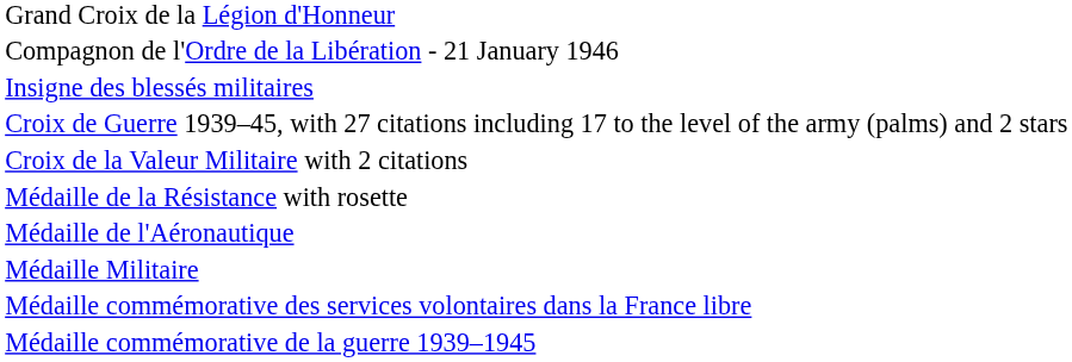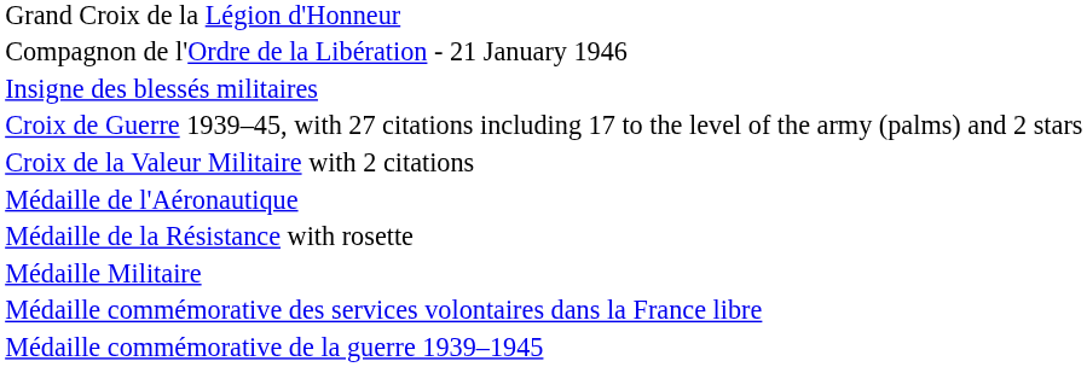 <table>
 <tr>
 <td> Grand Croix de la <a href='#'>Légion d'Honneur</a></td>
 </tr>
 <tr>
 <td> Compagnon de l'<a href='#'>Ordre de la Libération</a> - 21 January 1946</td>
 </tr>
 <tr>
 <td> <a href='#'>Insigne des blessés militaires</a></td>
 </tr>
 <tr>
 <td> <a href='#'>Croix de Guerre</a> 1939–45, with 27 citations including 17 to the level of the army (palms) and 2 stars</td>
 </tr>
 <tr>
 <td> <a href='#'>Croix de la Valeur Militaire</a> with 2 citations</td>
 </tr>
 <tr>
-<td> <a href='#'>Médaille de la Résistance</a> with rosette</td>
+<td> <a href='#'>Médaille de l'Aéronautique</a></td>
 </tr>
 <tr>
-<td> <a href='#'>Médaille de l'Aéronautique</a></td>
+<td> <a href='#'>Médaille de la Résistance</a> with rosette</td>
 </tr>
 <tr>
 <td> <a href='#'>Médaille Militaire</a></td>
 </tr>
 <tr>
 <td> <a href='#'>Médaille commémorative des services volontaires dans la France libre</a></td>
 </tr>
 <tr>
 <td> <a href='#'>Médaille commémorative de la guerre 1939–1945</a></td>
 </tr>
 </table>
